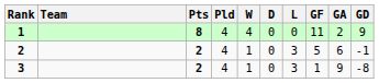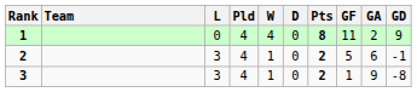 <table class="wikitable" style="text-align: center;">
 <tr>
 <th width=30>Rank</th>
 <th width=165 style="text-align:left;">Team</th>
-<th width=20>Pts</th>
+<th width=20>L</th>
 <th width=20>Pld</th>
 <th width=20>W</th>
 <th width=20>D</th>
-<th width=20>L</th>
+<th width=20>Pts</th>
 <th width=20>GF</th>
 <th width=20>GA</th>
 <th width=20>GD</th>
 </tr>
 <tr style="background:#ccffcc;">
 <td><strong>1</strong></td>
 <td style="text-align:left;"></td>
-<td><strong>8</strong></td>
+<td>0</td>
 <td>4</td>
 <td>4</td>
 <td>0</td>
-<td>0</td>
+<td><strong>8</strong></td>
 <td>11</td>
 <td>2</td>
 <td>9</td>
 </tr>
 <tr>
 <td><strong>2</strong></td>
 <td style="text-align:left;"></td>
-<td><strong>2</strong></td>
+<td>3</td>
 <td>4</td>
 <td>1</td>
 <td>0</td>
-<td>3</td>
+<td><strong>2</strong></td>
 <td>5</td>
 <td>6</td>
 <td>-1</td>
 </tr>
 <tr>
 <td><strong>3</strong></td>
 <td style="text-align:left;"></td>
-<td><strong>2</strong></td>
+<td>3</td>
 <td>4</td>
 <td>1</td>
 <td>0</td>
-<td>3</td>
+<td><strong>2</strong></td>
 <td>1</td>
 <td>9</td>
 <td>-8</td>
 </tr>
 </table>
